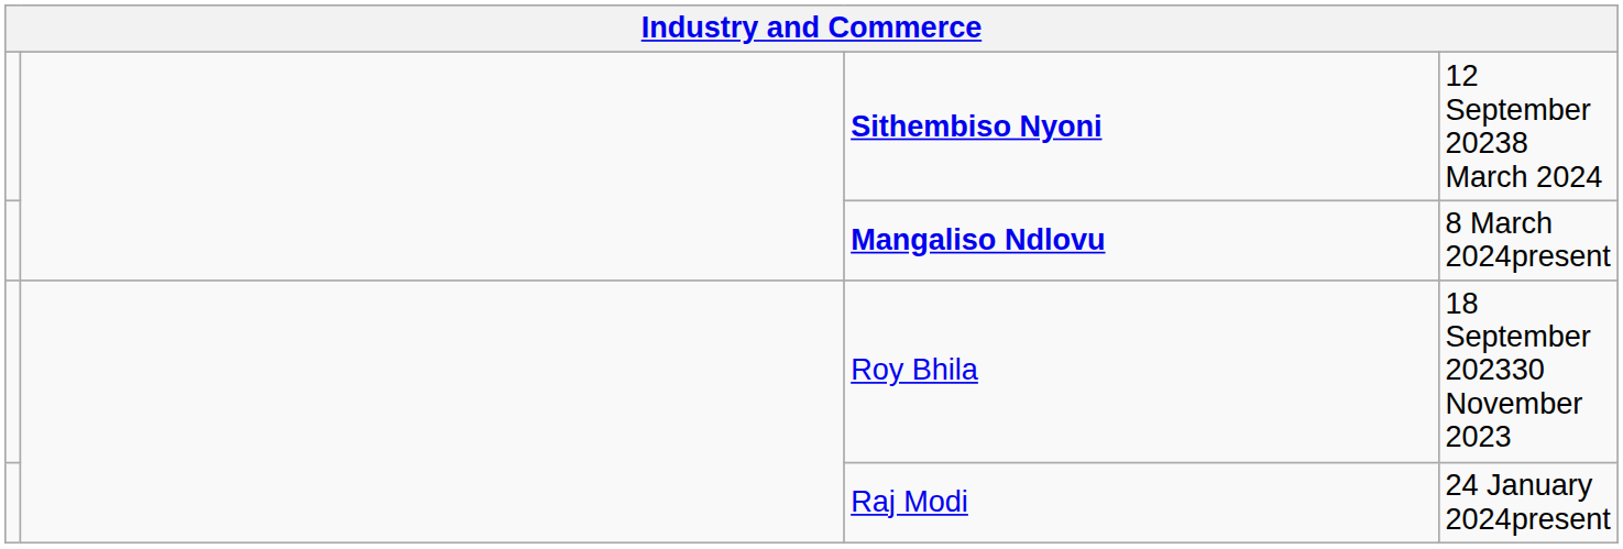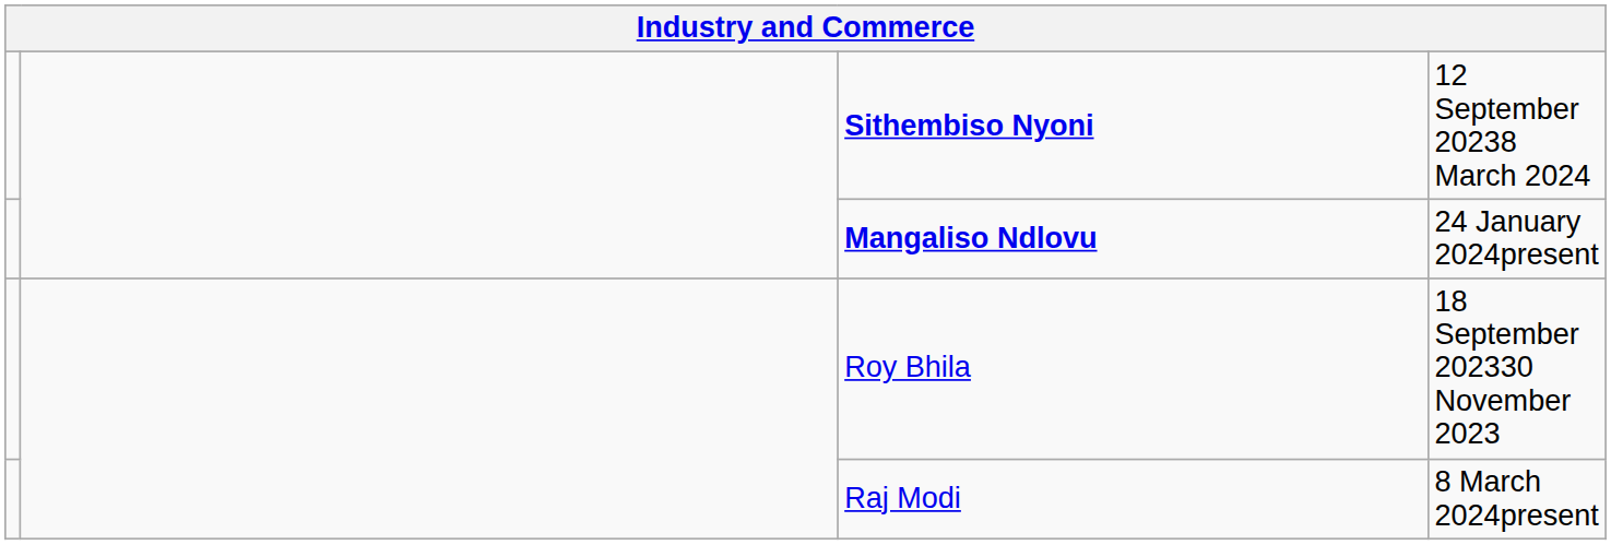 <table class="wikitable">
 <tr>
 <th colspan="4"><a href='#'>Industry and Commerce</a></th>
 </tr>
 <tr>
 <td style="width: 1px; background: "></td>
 <td rowspan="2" style="width: 450px;"></td>
 <td style="width: 320px;"> <strong><a href='#'>Sithembiso Nyoni</a></strong></td>
 <td>12 September 20238 March 2024</td>
 </tr>
 <tr>
 <td></td>
 <td style="width: 320px;"> <strong><a href='#'>Mangaliso Ndlovu</a></strong></td>
-<td>8 March 2024present</td>
+<td>24 January 2024present</td>
 </tr>
 <tr>
 <td style="width: 1px; background: "></td>
 <td rowspan="2" style="width: 450px;"></td>
 <td style="width: 320px;"> <a href='#'>Roy Bhila</a></td>
 <td>18 September 202330 November 2023</td>
 </tr>
 <tr>
 <td style="width: 1px; background: "></td>
 <td style="width: 320px;"> <a href='#'>Raj Modi</a></td>
-<td>24 January 2024present</td>
+<td>8 March 2024present</td>
 </tr>
 </table>
